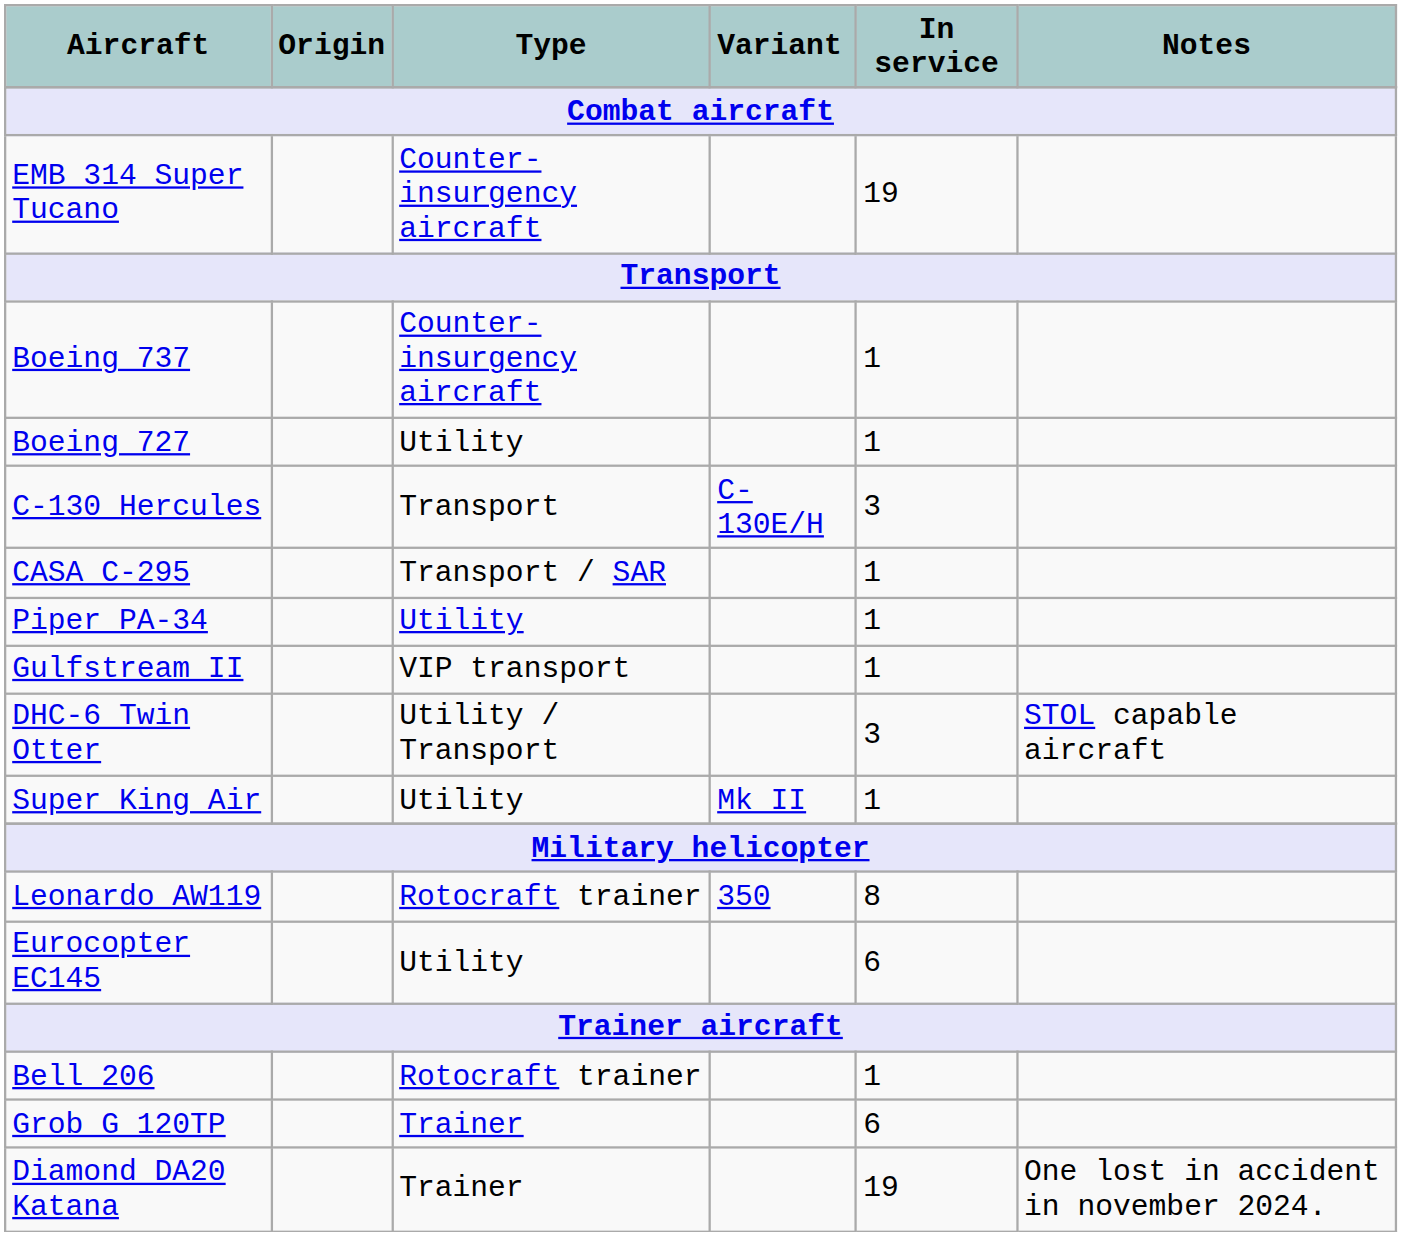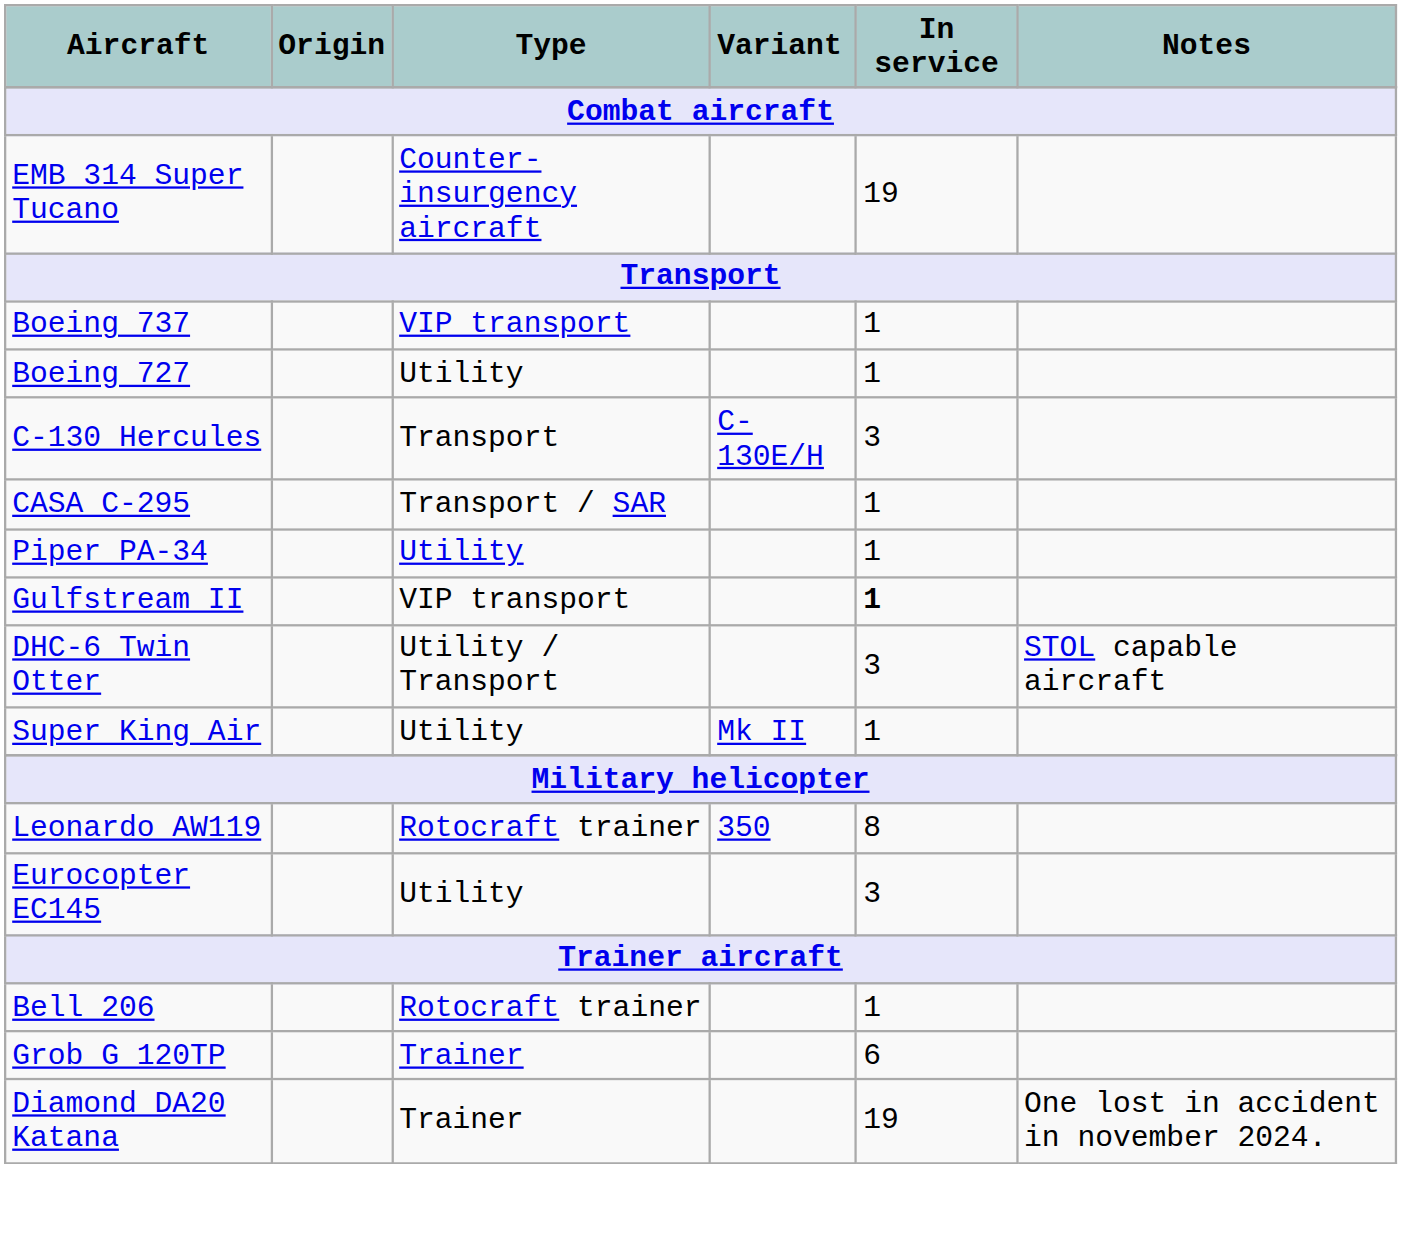 <table class="wikitable">
 <tr>
 <th style="text-align:center; background:#acc;">Aircraft</th>
 <th style="text-align: center; background:#acc;">Origin</th>
 <th style="text-align:l center; background:#acc;">Type</th>
 <th style="text-align:left; background:#acc;">Variant</th>
 <th style="text-align:center; background:#acc;">In service</th>
 <th style="text-align: center; background:#acc;">Notes</th>
 </tr>
 <tr>
 </tr>
 <tr>
 <th style="align: center; background: lavender;" colspan="7"><a href='#'>Combat aircraft</a></th>
 </tr>
 <tr>
 <td><a href='#'>EMB 314 Super Tucano</a></td>
 <td></td>
 <td><a href='#'>Counter-insurgency aircraft</a></td>
 <td></td>
 <td>19</td>
 <td></td>
 </tr>
 <tr>
 <th style="align: center; background: lavender;" colspan="7"><a href='#'>Transport</a></th>
 </tr>
 <tr>
 <td><a href='#'>Boeing 737</a></td>
 <td></td>
-<td><a href='#'>Counter-insurgency aircraft</a></td>
+<td><a href='#'>VIP transport</a></td>
 <td></td>
 <td>1</td>
 <td></td>
 </tr>
 <tr>
 <td><a href='#'>Boeing 727</a></td>
 <td></td>
 <td>Utility</td>
 <td></td>
 <td>1</td>
 <td></td>
 </tr>
 <tr>
 <td><a href='#'>C-130 Hercules</a></td>
 <td></td>
 <td>Transport</td>
 <td><a href='#'>C-130E/H</a></td>
 <td>3</td>
 <td></td>
 </tr>
 <tr>
 <td><a href='#'>CASA C-295</a></td>
 <td></td>
 <td>Transport / <a href='#'>SAR</a></td>
 <td></td>
 <td>1</td>
 <td></td>
 </tr>
 <tr>
 <td><a href='#'>Piper PA-34</a></td>
 <td></td>
 <td><a href='#'>Utility</a></td>
 <td></td>
 <td>1</td>
 <td></td>
 </tr>
 <tr>
 <td><a href='#'>Gulfstream II</a></td>
 <td></td>
 <td>VIP transport</td>
 <td></td>
-<td>1</td>
+<td><strong>1</strong></td>
 <td></td>
 </tr>
 <tr>
 <td><a href='#'>DHC-6 Twin Otter</a></td>
 <td></td>
 <td>Utility / Transport</td>
 <td></td>
 <td>3</td>
 <td><a href='#'>STOL</a> capable aircraft</td>
 </tr>
 <tr>
 <td><a href='#'>Super King Air</a></td>
 <td></td>
 <td>Utility</td>
 <td><a href='#'>Mk II</a></td>
 <td>1</td>
 <td></td>
 </tr>
 <tr>
 </tr>
 <tr>
 <th style="align: center; background: lavender;" colspan="7"><a href='#'>Military helicopter</a></th>
 </tr>
 <tr>
 <td><a href='#'>Leonardo AW119</a></td>
 <td></td>
 <td><a href='#'>Rotocraft</a> trainer</td>
 <td><a href='#'>350</a></td>
 <td>8</td>
 <td></td>
 </tr>
 <tr>
 <td><a href='#'>Eurocopter EC145</a></td>
 <td></td>
 <td>Utility</td>
 <td></td>
-<td>6</td>
+<td>3</td>
 <td></td>
 </tr>
 <tr>
 <th style="align: center; background: lavender;" colspan="7"><a href='#'>Trainer aircraft</a></th>
 </tr>
 <tr>
 <td><a href='#'>Bell 206</a></td>
 <td></td>
 <td><a href='#'>Rotocraft</a> trainer</td>
 <td></td>
 <td>1</td>
 <td></td>
 </tr>
 <tr>
 <td><a href='#'>Grob G 120TP</a></td>
 <td></td>
 <td><a href='#'>Trainer</a></td>
 <td></td>
 <td>6</td>
 <td></td>
 </tr>
 <tr>
 <td><a href='#'>Diamond DA20 Katana</a></td>
 <td></td>
 <td>Trainer</td>
 <td></td>
 <td>19</td>
 <td>One lost in accident in november 2024.</td>
 </tr>
 </table>
